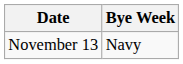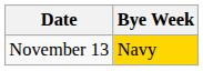 <table class="wikitable" style="font-size:95%;">
 <tr>
 <th>Date</th>
 <th colspan="1">Bye Week</th>
 </tr>
 <tr>
 <td>November 13</td>
-<td>Navy</td>
+<td style="background: gold;">Navy</td>
 </tr>
 </table>
